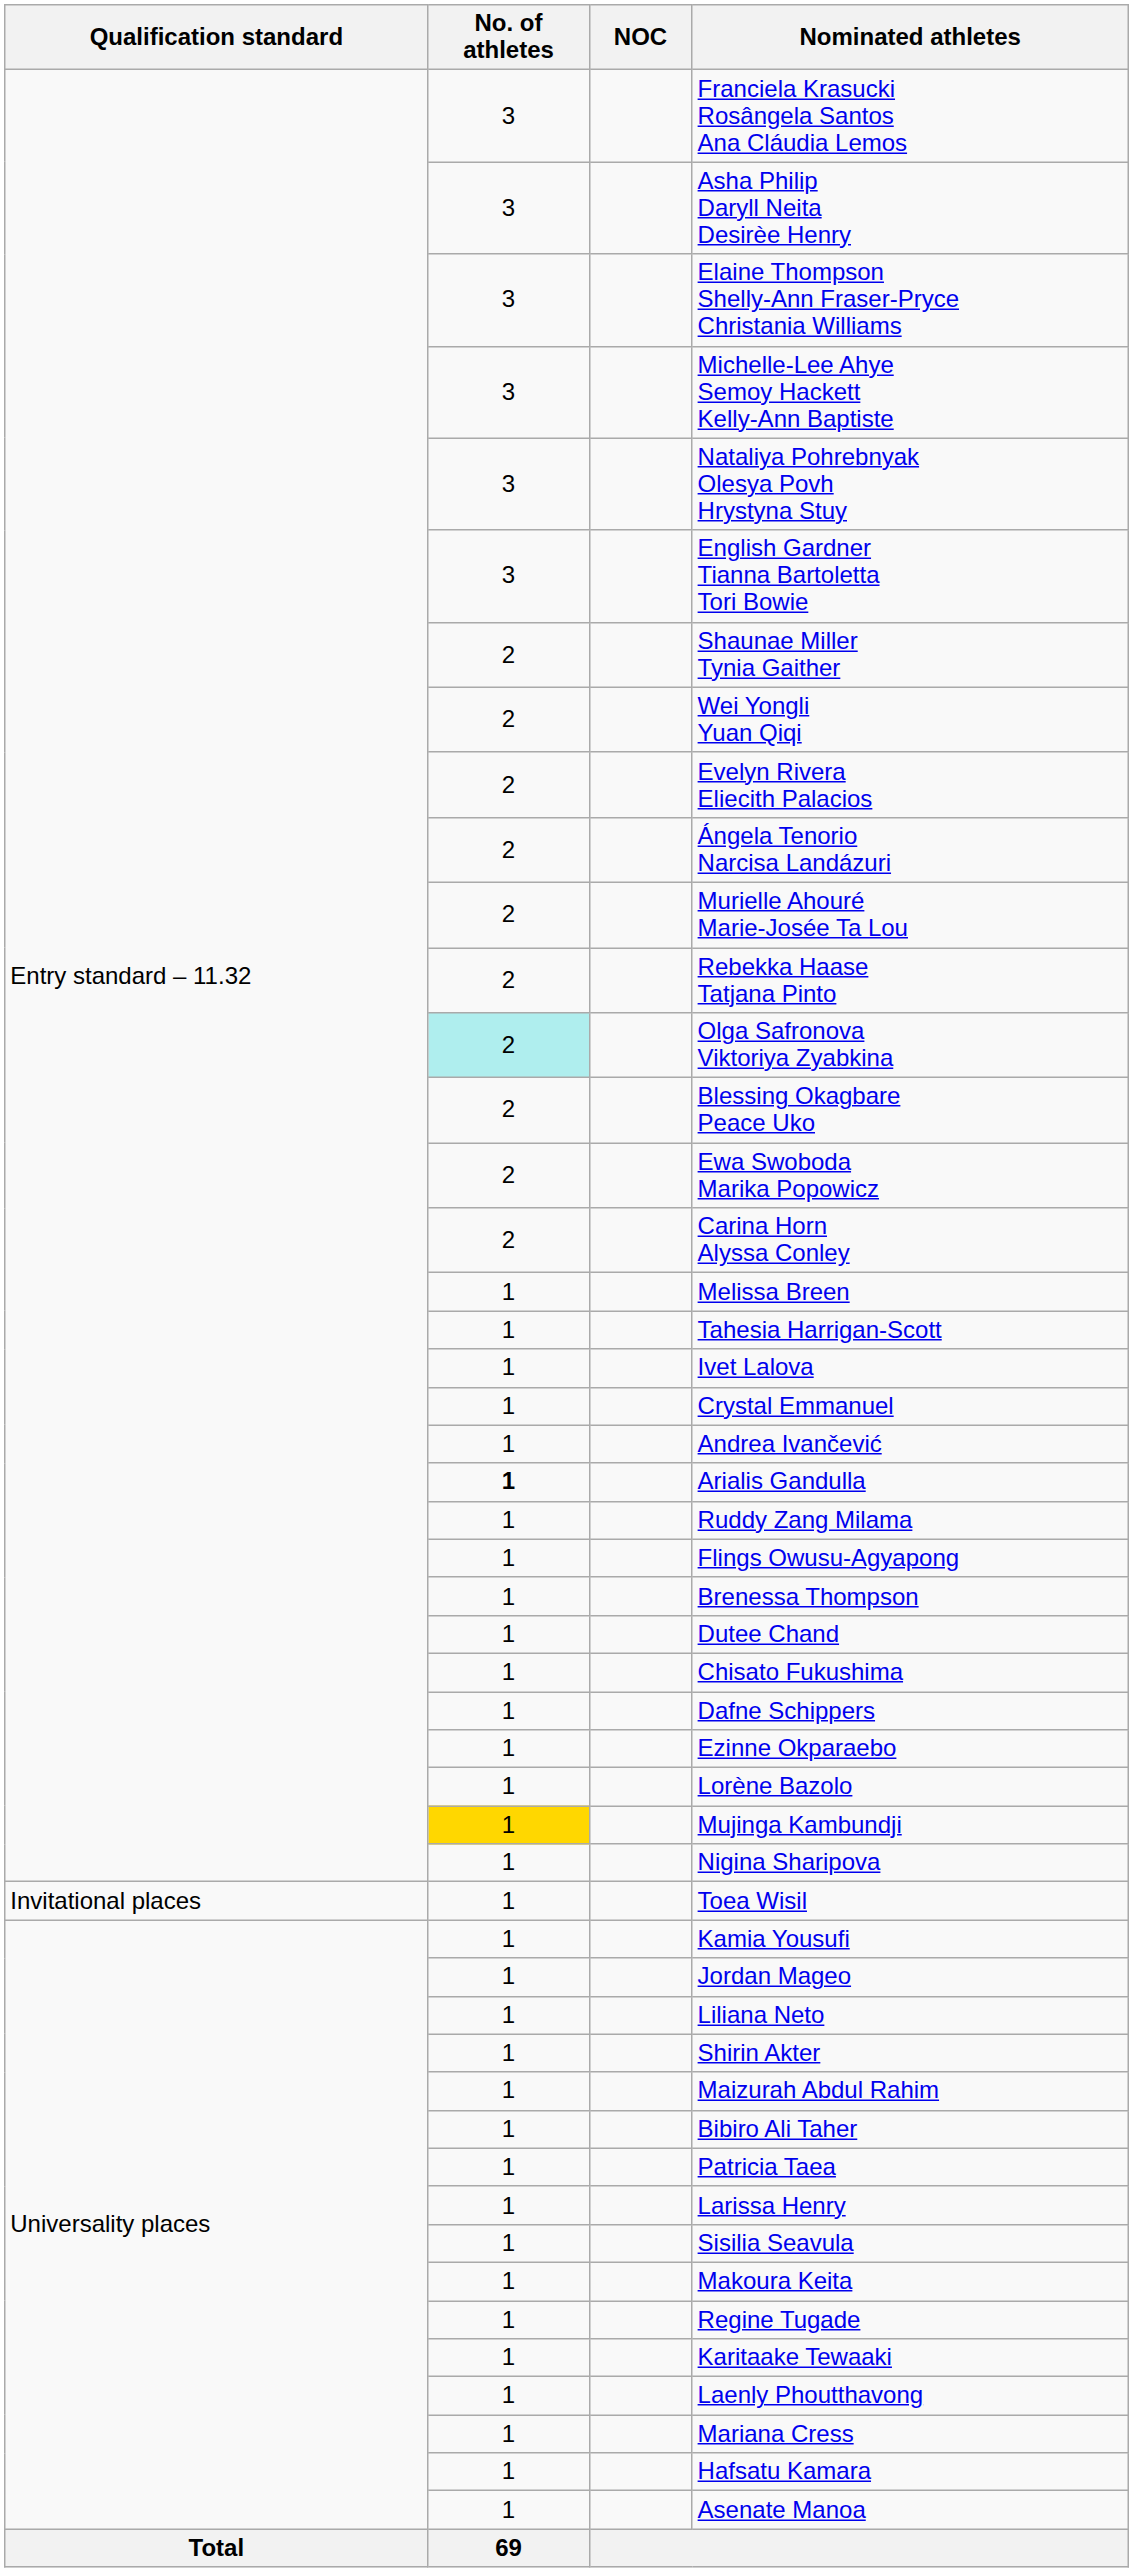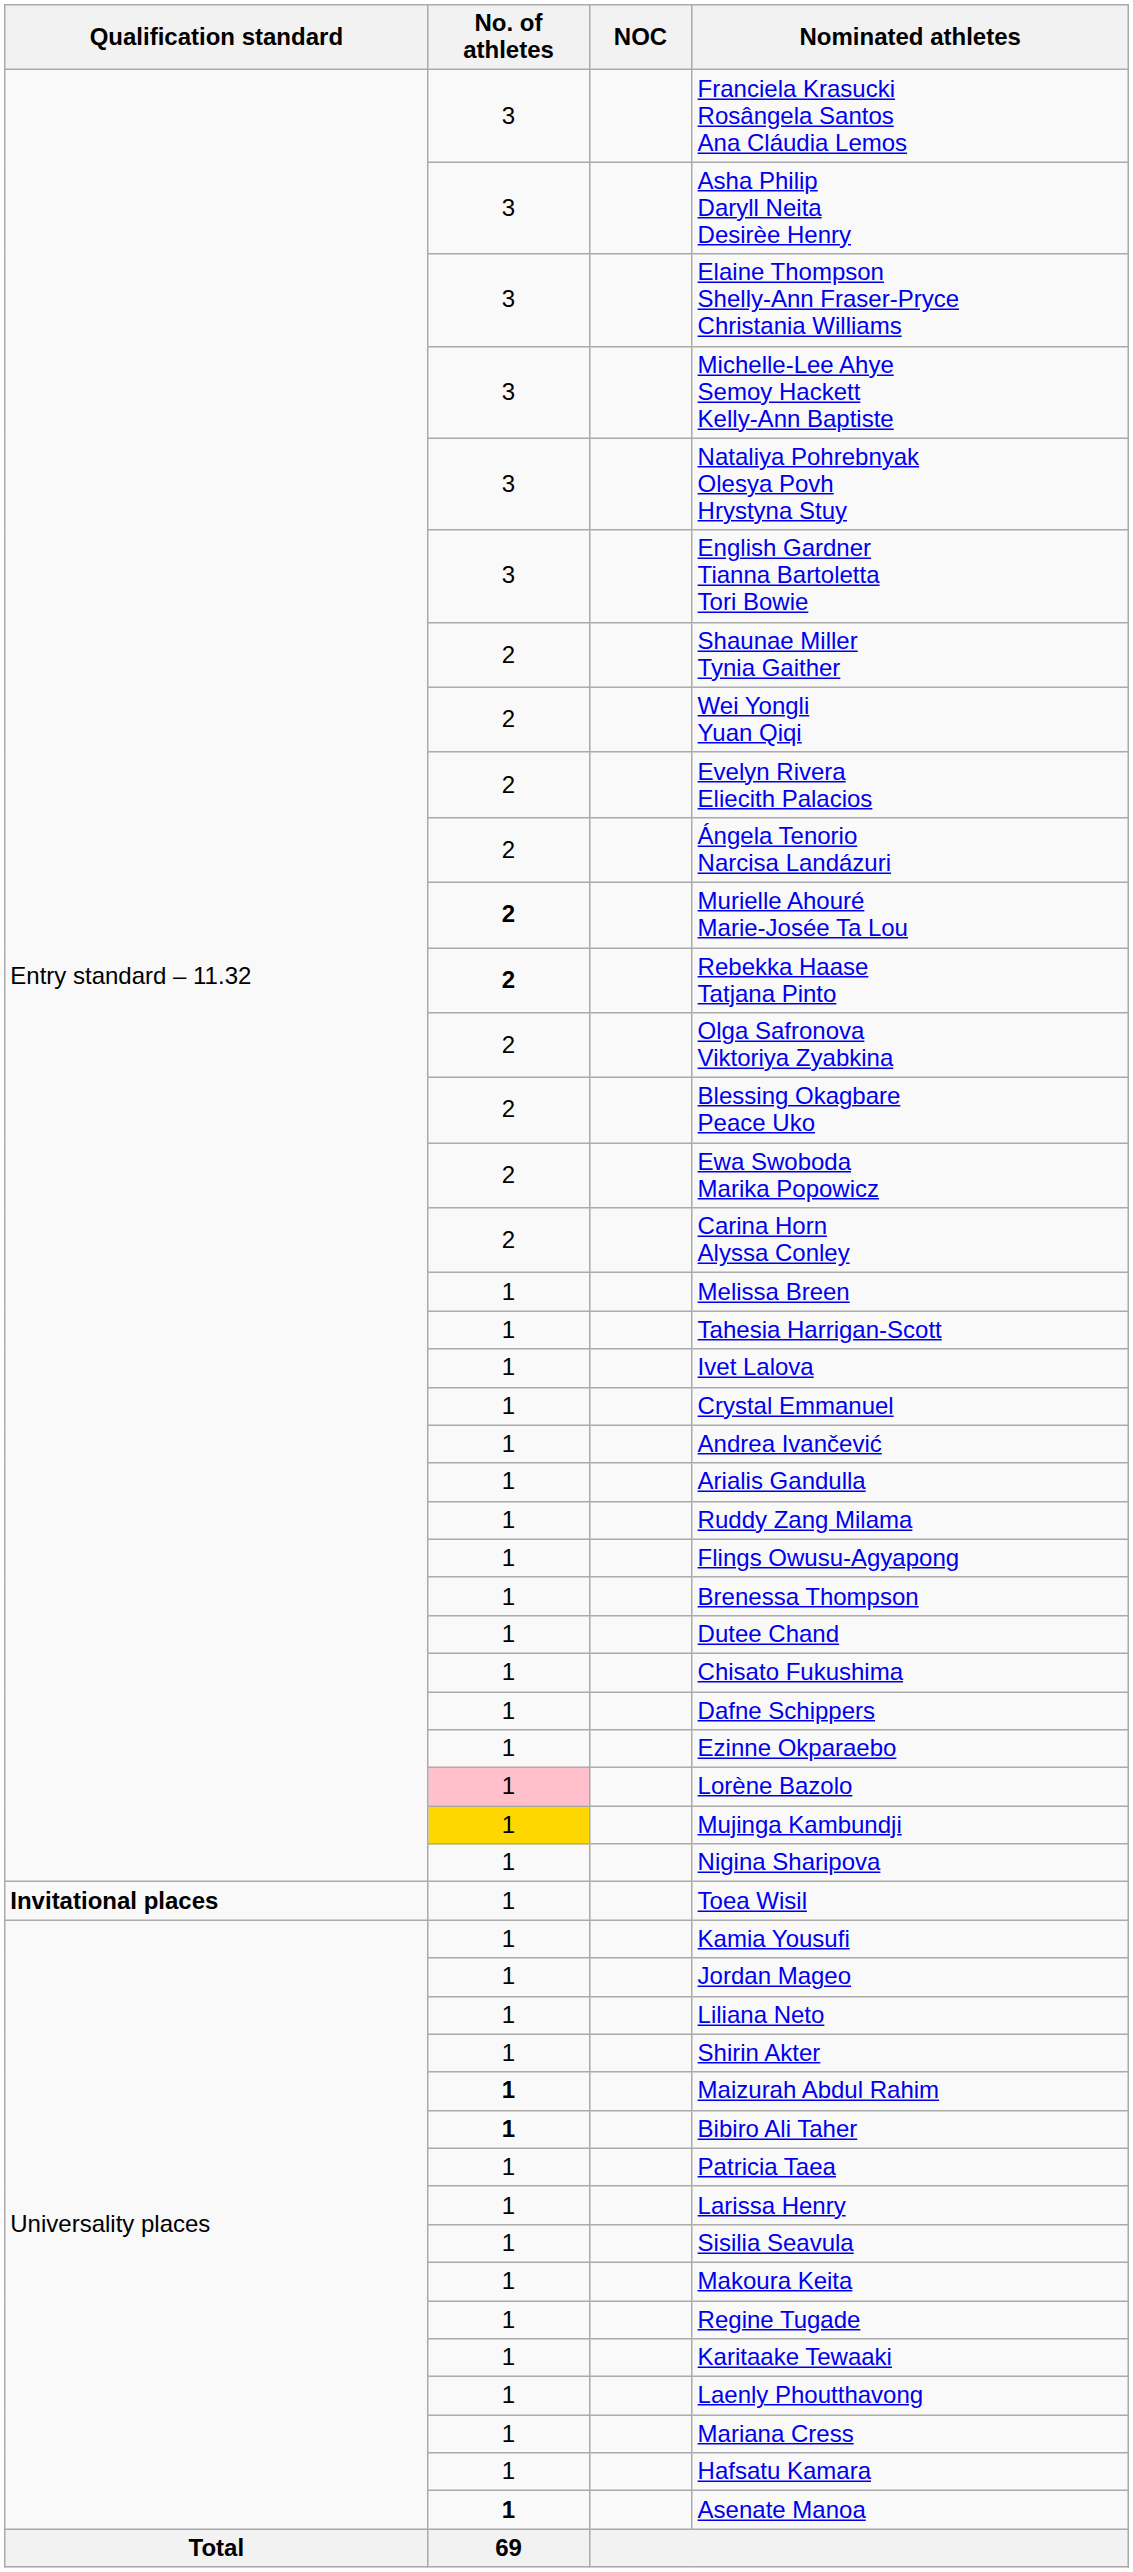 <table class="wikitable"  style="text-align:left; width:750px;">
 <tr>
 <th>Qualification standard</th>
 <th width=100>No. of athletes</th>
 <th>NOC</th>
 <th>Nominated athletes</th>
 </tr>
 <tr>
 <td rowspan=32>Entry standard – 11.32</td>
 <td style="text-align:center;">3</td>
 <td></td>
 <td><a href='#'>Franciela Krasucki</a><br><a href='#'>Rosângela Santos</a><br><a href='#'>Ana Cláudia Lemos</a></td>
 </tr>
 <tr>
 <td style="text-align:center;">3</td>
 <td></td>
 <td><a href='#'>Asha Philip</a><br><a href='#'>Daryll Neita</a><br><a href='#'>Desirèe Henry</a></td>
 </tr>
 <tr>
 <td style="text-align:center;">3</td>
 <td></td>
 <td><a href='#'>Elaine Thompson</a><br><a href='#'>Shelly-Ann Fraser-Pryce</a><br><a href='#'>Christania Williams</a></td>
 </tr>
 <tr>
 <td style="text-align:center;">3</td>
 <td></td>
 <td><a href='#'>Michelle-Lee Ahye</a><br><a href='#'>Semoy Hackett</a><br><a href='#'>Kelly-Ann Baptiste</a></td>
 </tr>
 <tr>
 <td style="text-align:center;">3</td>
 <td></td>
 <td><a href='#'>Nataliya Pohrebnyak</a><br><a href='#'>Olesya Povh</a><br><a href='#'>Hrystyna Stuy</a></td>
 </tr>
 <tr>
 <td style="text-align:center;">3</td>
 <td></td>
 <td><a href='#'>English Gardner</a><br><a href='#'>Tianna Bartoletta</a><br><a href='#'>Tori Bowie</a></td>
 </tr>
 <tr>
 <td style="text-align:center;">2</td>
 <td></td>
 <td><a href='#'>Shaunae Miller</a><br><a href='#'>Tynia Gaither</a></td>
 </tr>
 <tr>
 <td style="text-align:center;">2</td>
 <td></td>
 <td><a href='#'>Wei Yongli</a><br><a href='#'>Yuan Qiqi</a></td>
 </tr>
 <tr>
 <td style="text-align:center;">2</td>
 <td></td>
 <td><a href='#'>Evelyn Rivera</a><br><a href='#'>Eliecith Palacios</a></td>
 </tr>
 <tr>
 <td style="text-align:center;">2</td>
 <td></td>
 <td><a href='#'>Ángela Tenorio</a><br><a href='#'>Narcisa Landázuri</a></td>
 </tr>
 <tr>
-<td style="text-align:center;">2</td>
+<td style="text-align:center;"><strong>2</strong></td>
 <td></td>
 <td><a href='#'>Murielle Ahouré</a><br><a href='#'>Marie-Josée Ta Lou</a></td>
 </tr>
 <tr>
-<td style="text-align:center;">2</td>
+<td style="text-align:center;"><strong>2</strong></td>
 <td></td>
 <td><a href='#'>Rebekka Haase</a><br><a href='#'>Tatjana Pinto</a></td>
 </tr>
 <tr>
-<td style="background: paleturquoise; text-align:center;">2</td>
+<td style="text-align:center;">2</td>
 <td></td>
 <td><a href='#'>Olga Safronova</a><br><a href='#'>Viktoriya Zyabkina</a></td>
 </tr>
 <tr>
 <td style="text-align:center;">2</td>
 <td></td>
 <td><a href='#'>Blessing Okagbare</a><br><a href='#'>Peace Uko</a></td>
 </tr>
 <tr>
 <td style="text-align:center;">2</td>
 <td></td>
 <td><a href='#'>Ewa Swoboda</a><br><a href='#'>Marika Popowicz</a></td>
 </tr>
 <tr>
 <td style="text-align:center;">2</td>
 <td></td>
 <td><a href='#'>Carina Horn</a><br><a href='#'>Alyssa Conley</a></td>
 </tr>
 <tr>
 <td style="text-align:center;">1</td>
 <td></td>
 <td><a href='#'>Melissa Breen</a></td>
 </tr>
 <tr>
 <td style="text-align:center;">1</td>
 <td></td>
 <td><a href='#'>Tahesia Harrigan-Scott</a></td>
 </tr>
 <tr>
 <td style="text-align:center;">1</td>
 <td></td>
 <td><a href='#'>Ivet Lalova</a></td>
 </tr>
 <tr>
 <td style="text-align:center;">1</td>
 <td></td>
 <td><a href='#'>Crystal Emmanuel</a></td>
 </tr>
 <tr>
 <td style="text-align:center;">1</td>
 <td></td>
 <td><a href='#'>Andrea Ivančević</a></td>
 </tr>
 <tr>
-<td style="text-align:center;"><strong>1</strong></td>
+<td style="text-align:center;">1</td>
 <td></td>
 <td><a href='#'>Arialis Gandulla</a></td>
 </tr>
 <tr>
 <td style="text-align:center;">1</td>
 <td></td>
 <td><a href='#'>Ruddy Zang Milama</a></td>
 </tr>
 <tr>
 <td style="text-align:center;">1</td>
 <td></td>
 <td><a href='#'>Flings Owusu-Agyapong</a></td>
 </tr>
 <tr>
 <td style="text-align:center;">1</td>
 <td></td>
 <td><a href='#'>Brenessa Thompson</a></td>
 </tr>
 <tr>
 <td style="text-align:center;">1</td>
 <td></td>
 <td><a href='#'>Dutee Chand</a></td>
 </tr>
 <tr>
 <td style="text-align:center;">1</td>
 <td></td>
 <td><a href='#'>Chisato Fukushima</a></td>
 </tr>
 <tr>
 <td style="text-align:center;">1</td>
 <td></td>
 <td><a href='#'>Dafne Schippers</a></td>
 </tr>
 <tr>
 <td style="text-align:center;">1</td>
 <td></td>
 <td><a href='#'>Ezinne Okparaebo</a></td>
 </tr>
 <tr>
-<td style="text-align:center;">1</td>
+<td style="background: pink; text-align:center;">1</td>
 <td></td>
 <td><a href='#'>Lorène Bazolo</a></td>
 </tr>
 <tr>
 <td style="background: gold; text-align:center;">1</td>
 <td></td>
 <td><a href='#'>Mujinga Kambundji</a></td>
 </tr>
 <tr>
 <td style="text-align:center;">1</td>
 <td></td>
 <td><a href='#'>Nigina Sharipova</a></td>
 </tr>
 <tr>
-<td>Invitational places</td>
+<td><strong>Invitational places</strong></td>
 <td style="text-align:center;">1</td>
 <td></td>
 <td><a href='#'>Toea Wisil</a></td>
 </tr>
 <tr>
 <td rowspan=16>Universality places</td>
 <td style="text-align:center;">1</td>
 <td></td>
 <td><a href='#'>Kamia Yousufi</a></td>
 </tr>
 <tr>
 <td style="text-align:center;">1</td>
 <td></td>
 <td><a href='#'>Jordan Mageo</a></td>
 </tr>
 <tr>
 <td style="text-align:center;">1</td>
 <td></td>
 <td><a href='#'>Liliana Neto</a></td>
 </tr>
 <tr>
 <td style="text-align:center;">1</td>
 <td></td>
 <td><a href='#'>Shirin Akter</a></td>
 </tr>
 <tr>
-<td style="text-align:center;">1</td>
+<td style="text-align:center;"><strong>1</strong></td>
 <td></td>
 <td><a href='#'>Maizurah Abdul Rahim</a></td>
 </tr>
 <tr>
-<td style="text-align:center;">1</td>
+<td style="text-align:center;"><strong>1</strong></td>
 <td></td>
 <td><a href='#'>Bibiro Ali Taher</a></td>
 </tr>
 <tr>
 <td style="text-align:center;">1</td>
 <td></td>
 <td><a href='#'>Patricia Taea</a></td>
 </tr>
 <tr>
 <td style="text-align:center;">1</td>
 <td></td>
 <td><a href='#'>Larissa Henry</a></td>
 </tr>
 <tr>
 <td style="text-align:center;">1</td>
 <td></td>
 <td><a href='#'>Sisilia Seavula</a></td>
 </tr>
 <tr>
 <td style="text-align:center;">1</td>
 <td></td>
 <td><a href='#'>Makoura Keita</a></td>
 </tr>
 <tr>
 <td style="text-align:center;">1</td>
 <td></td>
 <td><a href='#'>Regine Tugade</a></td>
 </tr>
 <tr>
 <td style="text-align:center;">1</td>
 <td></td>
 <td><a href='#'>Karitaake Tewaaki</a></td>
 </tr>
 <tr>
 <td style="text-align:center;">1</td>
 <td></td>
 <td><a href='#'>Laenly Phoutthavong</a></td>
 </tr>
 <tr>
 <td style="text-align:center;">1</td>
 <td></td>
 <td><a href='#'>Mariana Cress</a></td>
 </tr>
 <tr>
 <td style="text-align:center;">1</td>
 <td></td>
 <td><a href='#'>Hafsatu Kamara</a></td>
 </tr>
 <tr>
-<td style="text-align:center;">1</td>
+<td style="text-align:center;"><strong>1</strong></td>
 <td></td>
 <td><a href='#'>Asenate Manoa</a></td>
 </tr>
 <tr>
 <th>Total</th>
 <th>69</th>
 <th colspan=2></th>
 </tr>
 </table>
